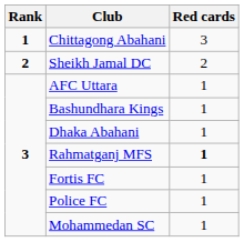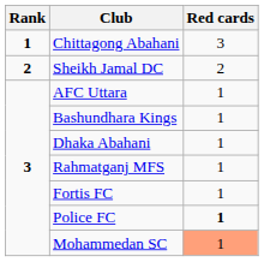 <table class="wikitable" style="text-align:center">
 <tr>
 <th>Rank</th>
 <th>Club</th>
 <th>Red cards</th>
 </tr>
 <tr>
 <td><strong>1</strong></td>
 <td align="left"><a href='#'>Chittagong Abahani</a></td>
 <td>3</td>
 </tr>
 <tr>
 <td><strong>2</strong></td>
 <td align="left"><a href='#'>Sheikh Jamal DC</a></td>
 <td>2</td>
 </tr>
 <tr>
 <td rowspan="7"><strong>3</strong></td>
 <td align="left"><a href='#'>AFC Uttara</a></td>
 <td>1</td>
 </tr>
 <tr>
 <td align="left"><a href='#'>Bashundhara Kings</a></td>
 <td>1</td>
 </tr>
 <tr>
 <td align="left"><a href='#'>Dhaka Abahani</a></td>
 <td>1</td>
 </tr>
 <tr>
 <td align="left"><a href='#'>Rahmatganj MFS</a></td>
-<td><strong>1</strong></td>
+<td>1</td>
 </tr>
 <tr>
 <td align="left"><a href='#'>Fortis FC</a></td>
 <td>1</td>
 </tr>
 <tr>
 <td align="left"><a href='#'>Police FC</a></td>
-<td>1</td>
+<td><strong>1</strong></td>
 </tr>
 <tr>
 <td align="left"><a href='#'>Mohammedan SC</a></td>
-<td>1</td>
+<td style="background: lightsalmon;">1</td>
 </tr>
 </table>
